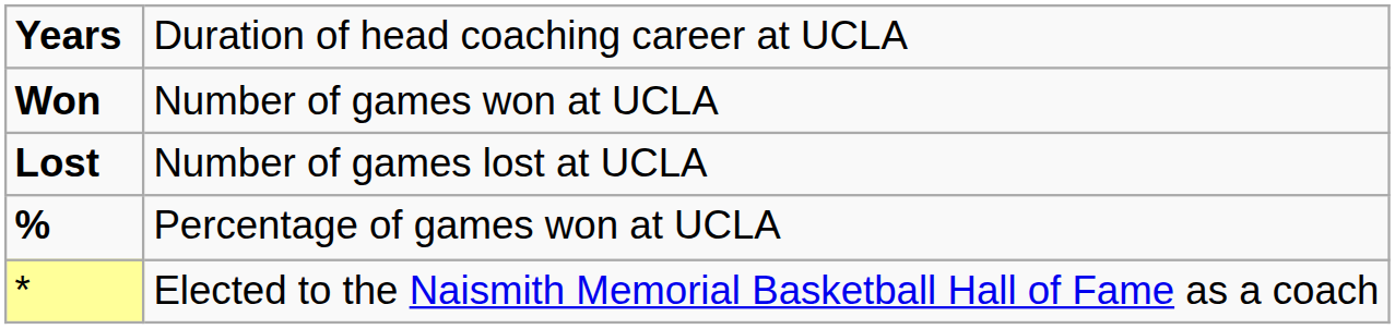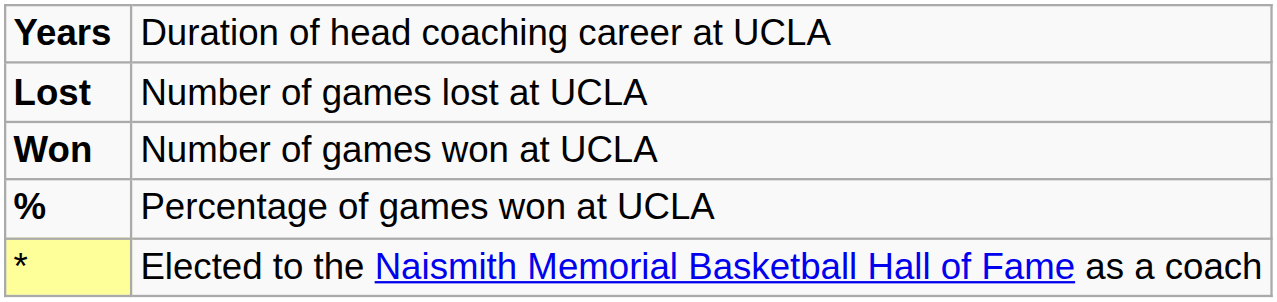 <table class="wikitable">
 <tr>
 <td style="background-color:#"><strong>Years</strong></td>
 <td>Duration of head coaching career at UCLA</td>
 </tr>
 <tr>
+<td style="background-color:#"><strong>Lost</strong></td>
+<td>Number of games lost at UCLA</td>
+</tr>
+<tr>
 <td style="background-color:#"><strong>Won</strong></td>
 <td>Number of games won at UCLA</td>
-</tr>
-<tr>
-<td style="background-color:#"><strong>Lost</strong></td>
-<td>Number of games lost at UCLA</td>
 </tr>
 <tr>
 <td style="background-color:#"><strong>%</strong></td>
 <td>Percentage of games won at UCLA</td>
 </tr>
 <tr>
 <td style="background-color:#FFFF99; border:1px solid #aaaaaa; width:3em">*</td>
 <td>Elected to the <a href='#'>Naismith Memorial Basketball Hall of Fame</a> as a coach</td>
 </tr>
 </table>
